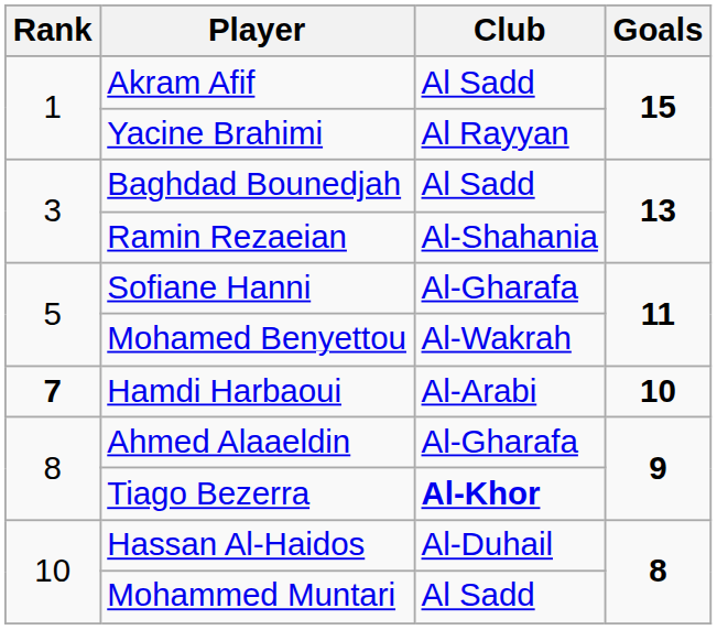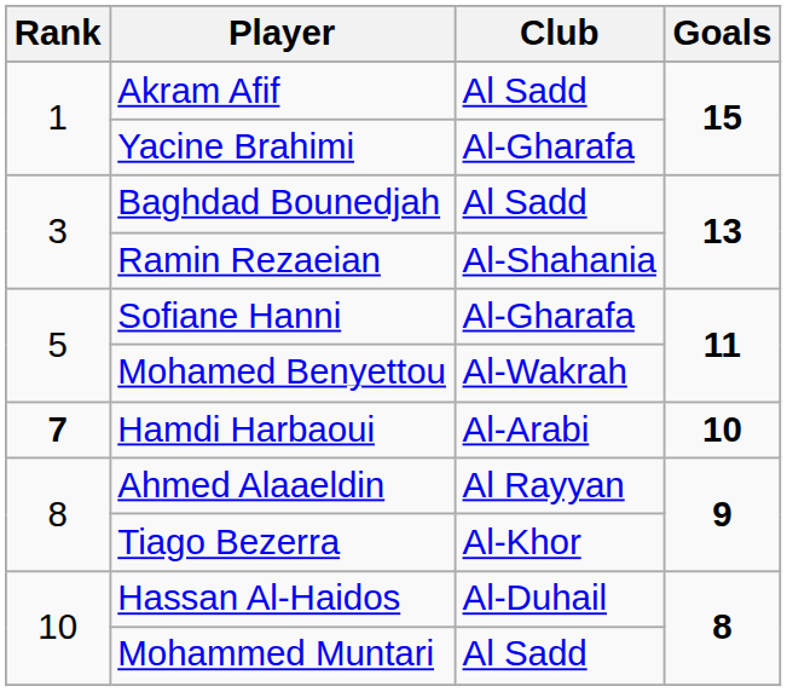 <table class="wikitable">
 <tr>
 <th>Rank</th>
 <th>Player</th>
 <th>Club</th>
 <th>Goals</th>
 </tr>
 <tr>
 <td rowspan="2" align="center">1</td>
 <td>  <a href='#'>Akram Afif</a></td>
 <td><a href='#'>Al Sadd</a></td>
 <td rowspan="2" align="center"><strong>15</strong></td>
 </tr>
 <tr>
 <td> <a href='#'>Yacine Brahimi</a></td>
-<td><a href='#'>Al Rayyan</a></td>
+<td><a href='#'>Al-Gharafa</a></td>
 </tr>
 <tr>
 <td rowspan="2" align="center">3</td>
 <td> <a href='#'>Baghdad Bounedjah</a></td>
 <td><a href='#'>Al Sadd</a></td>
 <td rowspan="2" align="center"><strong>13</strong></td>
 </tr>
 <tr>
 <td> <a href='#'>Ramin Rezaeian</a></td>
 <td><a href='#'>Al-Shahania</a></td>
 </tr>
 <tr>
 <td rowspan="2" align="center">5</td>
 <td> <a href='#'>Sofiane Hanni</a></td>
 <td><a href='#'>Al-Gharafa</a></td>
 <td rowspan="2" align="center"><strong>11</strong></td>
 </tr>
 <tr>
 <td> <a href='#'>Mohamed Benyettou</a></td>
 <td><a href='#'>Al-Wakrah</a></td>
 </tr>
 <tr>
 <td align="center"><strong>7</strong></td>
 <td> <a href='#'>Hamdi Harbaoui</a></td>
 <td><a href='#'>Al-Arabi</a></td>
 <td align="center"><strong>10</strong></td>
 </tr>
 <tr>
 <td rowspan="2" align="center">8</td>
 <td> <a href='#'>Ahmed Alaaeldin</a></td>
-<td><a href='#'>Al-Gharafa</a></td>
+<td><a href='#'>Al Rayyan</a></td>
 <td rowspan="2" align="center"><strong>9</strong></td>
 </tr>
 <tr>
 <td> <a href='#'>Tiago Bezerra</a></td>
-<td><strong><a href='#'>Al-Khor</a></strong></td>
+<td><a href='#'>Al-Khor</a></td>
 </tr>
 <tr>
 <td rowspan="2" align="center">10</td>
 <td> <a href='#'>Hassan Al-Haidos</a></td>
 <td><a href='#'>Al-Duhail</a></td>
 <td rowspan="2"  align="center"><strong>8</strong></td>
 </tr>
 <tr>
 <td> <a href='#'>Mohammed Muntari</a></td>
 <td><a href='#'>Al Sadd</a></td>
 </tr>
 </table>
